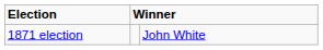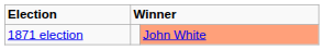 <table class="wikitable" width=45%>
 <tr>
 <td width=19%><strong>Election</strong></td>
 <td width=81% colspan=2><strong>Winner</strong></td>
 </tr>
 <tr>
 <td><a href='#'>1871 election</a></td>
 <td width=1% rowspan=1 bgcolor=></td>
-<td width=27% rowspan=1><a href='#'>John White</a></td>
+<td width=27% rowspan=1 style="background: lightsalmon;"><a href='#'>John White</a></td>
 </tr>
 </table>
